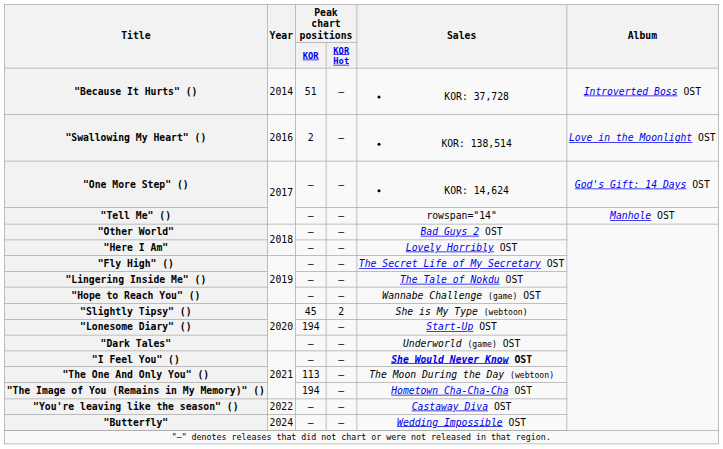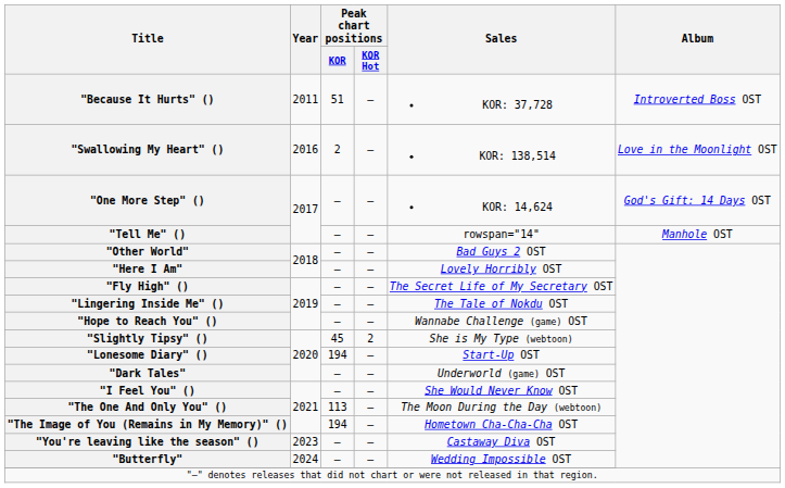 <table class="wikitable plainrowheaders" style="text-align:center;">
 <tr>
 <th scope="col" scope="col" rowspan="2">Title</th>
 <th scope="col" scope="col" rowspan="2">Year</th>
 <th scope="col" scope="col" colspan="2">Peak chart positions</th>
 <th scope="col" scope="col" rowspan="2">Sales</th>
 <th scope="col" scope="col" rowspan="2">Album</th>
 </tr>
 <tr>
 <th scope="col" style="width:3em;font-size:90%;"><a href='#'>KOR</a><br></th>
 <th scope="col" style="width:3em;font-size:90%"><a href='#'>KOR<br>Hot</a><br></th>
 </tr>
 <tr>
 <th scope=row>"Because It Hurts" ()</th>
-<td>2014</td>
+<td>2011</td>
 <td>51</td>
 <td>—</td>
 <td><br><ul><li>KOR: 37,728</li></ul></td>
 <td><em><a href='#'>Introverted Boss</a></em> OST</td>
 </tr>
 <tr>
 <th scope=row>"Swallowing My Heart" ()</th>
 <td>2016</td>
 <td>2</td>
 <td>—</td>
 <td><br><ul><li>KOR: 138,514</li></ul></td>
 <td><em><a href='#'>Love in the Moonlight</a></em> OST</td>
 </tr>
 <tr>
 <th scope=row>"One More Step" ()</th>
 <td rowspan="2">2017</td>
 <td>—</td>
 <td>—</td>
 <td><br><ul><li>KOR: 14,624</li></ul></td>
 <td><em><a href='#'>God's Gift: 14 Days</a></em> OST</td>
 </tr>
 <tr>
 <th scope=row>"Tell Me" ()</th>
 <td>—</td>
 <td>—</td>
 <td>rowspan="14" </td>
 <td><em><a href='#'>Manhole</a></em> OST</td>
 </tr>
 <tr>
 <th scope=row>"Other World"</th>
 <td rowspan="2">2018</td>
 <td>—</td>
 <td>—</td>
 <td><em><a href='#'>Bad Guys 2</a></em> OST</td>
 </tr>
 <tr>
 <th scope=row>"Here I Am"</th>
 <td>—</td>
 <td>—</td>
 <td><em><a href='#'>Lovely Horribly</a></em> OST</td>
 </tr>
 <tr>
 <th scope=row>"Fly High" ()</th>
 <td rowspan="3">2019</td>
 <td>—</td>
 <td>—</td>
 <td><em><a href='#'>The Secret Life of My Secretary</a></em> OST</td>
 </tr>
 <tr>
 <th scope=row>"Lingering Inside Me" ()</th>
 <td>—</td>
 <td>—</td>
 <td><em><a href='#'>The Tale of Nokdu</a></em> OST</td>
 </tr>
 <tr>
 <th scope=row>"Hope to Reach You" ()</th>
 <td>—</td>
 <td>—</td>
 <td><em>Wannabe Challenge</em> <small>(game)</small> OST</td>
 </tr>
 <tr>
 <th scope=row>"Slightly Tipsy" ()</th>
 <td rowspan="3">2020</td>
 <td>45</td>
 <td>2</td>
 <td><em>She is My Type</em> <small>(webtoon)</small></td>
 </tr>
 <tr>
 <th scope=row>"Lonesome Diary" ()</th>
 <td>194</td>
 <td>—</td>
 <td><em><a href='#'>Start-Up</a></em> OST</td>
 </tr>
 <tr>
 <th scope=row>"Dark Tales"</th>
 <td>—</td>
 <td>—</td>
 <td><em>Underworld</em> <small>(game)</small> OST</td>
 </tr>
 <tr>
 <th scope=row>"I Feel You" ()</th>
 <td rowspan="3">2021</td>
 <td>—</td>
 <td>—</td>
-<td><strong><em><a href='#'>She Would Never Know</a></em> OST</strong></td>
+<td><em><a href='#'>She Would Never Know</a></em> OST</td>
 </tr>
 <tr>
 <th scope=row>"The One And Only You" ()</th>
 <td>113</td>
 <td>—</td>
 <td><em>The Moon During the Day</em> <small>(webtoon)</small></td>
 </tr>
 <tr>
 <th scope=row>"The Image of You (Remains in My Memory)" ()</th>
 <td>194</td>
 <td>—</td>
 <td><em><a href='#'>Hometown Cha-Cha-Cha</a></em> OST</td>
 </tr>
 <tr>
 <th scope=row>"You're leaving like the season" ()</th>
-<td>2022</td>
+<td>2023</td>
 <td>—</td>
 <td>—</td>
 <td><em><a href='#'>Castaway Diva</a></em> OST</td>
 </tr>
 <tr>
 <th scope=row>"Butterfly"</th>
 <td>2024</td>
 <td>—</td>
 <td>—</td>
 <td><em><a href='#'>Wedding Impossible</a></em> OST</td>
 </tr>
 <tr>
 </tr>
 <tr>
 <td colspan="6" style="font-size:85%">"—" denotes releases that did not chart or were not released in that region.</td>
 </tr>
 </table>
